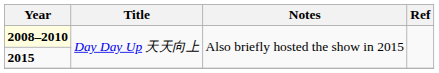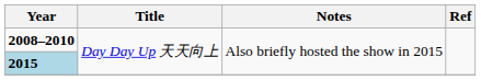 <table class="wikitable sortable">
 <tr>
 <th>Year</th>
 <th>Title</th>
 <th class="unsortable">Notes</th>
 <th>Ref</th>
 </tr>
 <tr>
-<td style="background: lightyellow;"><strong>2008–2010</strong></td>
+<td><strong>2008–2010</strong></td>
 <td rowspan="2"><em><a href='#'>Day Day Up</a> 天天向上</em></td>
 <td rowspan="2">Also briefly hosted the show in 2015</td>
 <td rowspan="2"></td>
 </tr>
 <tr>
-<td><strong>2015</strong></td>
+<td style="background: lightblue;"><strong>2015</strong></td>
 </tr>
 <tr>
 </tr>
 </table>
